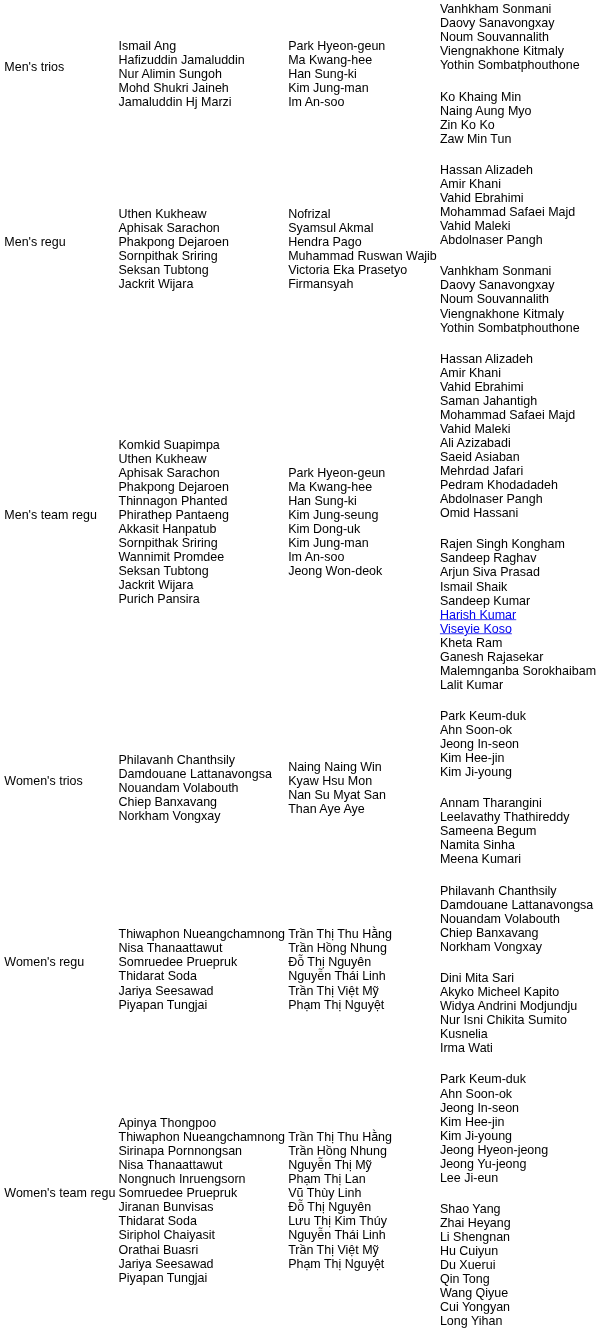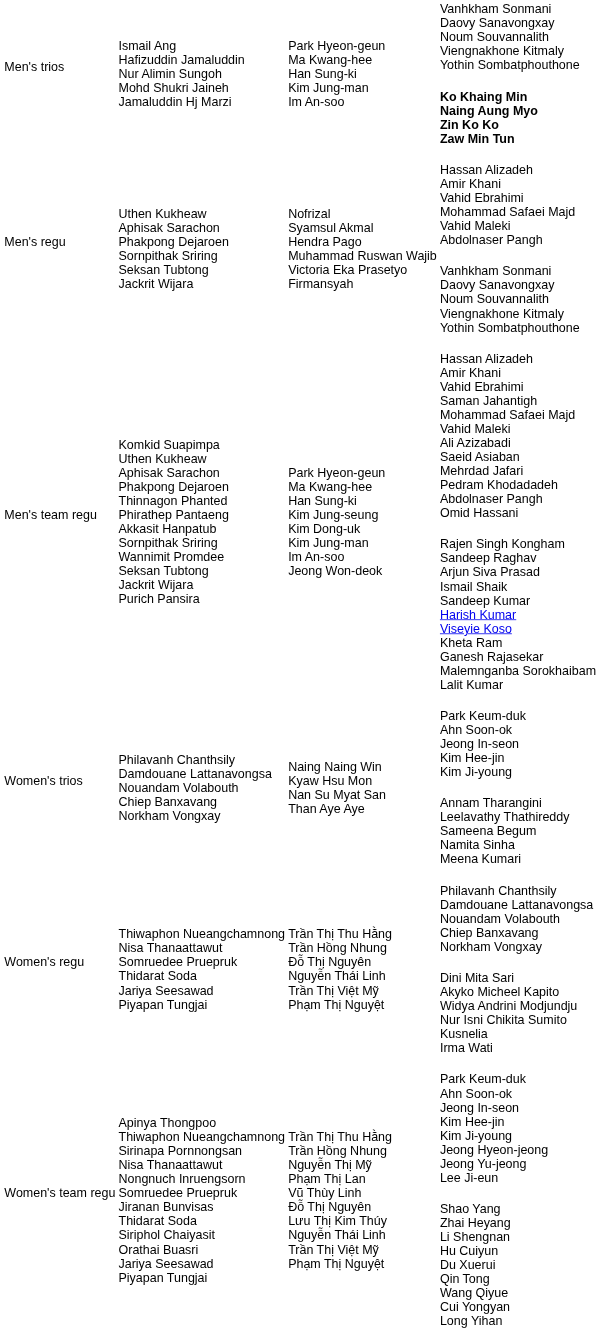 <table>
 <tr>
 <td rowspan=2>Men's trios</td>
 <td rowspan=2><br>Ismail Ang<br>Hafizuddin Jamaluddin<br>Nur Alimin Sungoh<br>Mohd Shukri Jaineh<br>Jamaluddin Hj Marzi</td>
 <td rowspan=2><br>Park Hyeon-geun<br>Ma Kwang-hee<br>Han Sung-ki<br>Kim Jung-man<br>Im An-soo</td>
 <td><br>Vanhkham Sonmani<br>Daovy Sanavongxay<br>Noum Souvannalith<br>Viengnakhone Kitmaly<br>Yothin Sombatphouthone</td>
 </tr>
 <tr>
-<td><br>Ko Khaing Min<br>Naing Aung Myo<br>Zin Ko Ko<br>Zaw Min Tun</td>
+<td><strong><br>Ko Khaing Min<br>Naing Aung Myo<br>Zin Ko Ko<br>Zaw Min Tun</strong></td>
 </tr>
 <tr>
 <td rowspan=2>Men's regu</td>
 <td rowspan=2><br>Uthen Kukheaw<br>Aphisak Sarachon<br>Phakpong Dejaroen<br>Sornpithak Sriring<br>Seksan Tubtong<br>Jackrit Wijara</td>
 <td rowspan=2><br>Nofrizal<br>Syamsul Akmal<br>Hendra Pago<br>Muhammad Ruswan Wajib<br>Victoria Eka Prasetyo<br>Firmansyah</td>
 <td><br>Hassan Alizadeh<br>Amir Khani<br>Vahid Ebrahimi<br>Mohammad Safaei Majd<br>Vahid Maleki<br>Abdolnaser Pangh</td>
 </tr>
 <tr>
 <td><br>Vanhkham Sonmani<br>Daovy Sanavongxay<br>Noum Souvannalith<br>Viengnakhone Kitmaly<br>Yothin Sombatphouthone</td>
 </tr>
 <tr>
 <td rowspan=2>Men's team regu</td>
 <td rowspan=2><br>Komkid Suapimpa<br>Uthen Kukheaw<br>Aphisak Sarachon<br>Phakpong Dejaroen<br>Thinnagon Phanted<br>Phirathep Pantaeng<br>Akkasit Hanpatub<br>Sornpithak Sriring<br>Wannimit Promdee<br>Seksan Tubtong<br>Jackrit Wijara<br>Purich Pansira</td>
 <td rowspan=2><br>Park Hyeon-geun<br>Ma Kwang-hee<br>Han Sung-ki<br>Kim Jung-seung<br>Kim Dong-uk<br>Kim Jung-man<br>Im An-soo<br>Jeong Won-deok</td>
 <td><br>Hassan Alizadeh<br>Amir Khani<br>Vahid Ebrahimi<br>Saman Jahantigh<br>Mohammad Safaei Majd<br>Vahid Maleki<br>Ali Azizabadi<br>Saeid Asiaban<br>Mehrdad Jafari<br>Pedram Khodadadeh<br>Abdolnaser Pangh<br>Omid Hassani</td>
 </tr>
 <tr>
 <td><br>Rajen Singh Kongham<br>Sandeep Raghav<br>Arjun Siva Prasad<br>Ismail Shaik<br>Sandeep Kumar<br><a href='#'>Harish Kumar</a><br><a href='#'>Viseyie Koso</a><br>Kheta Ram<br>Ganesh Rajasekar<br>Malemnganba Sorokhaibam<br>Lalit Kumar</td>
 </tr>
 <tr>
 <td rowspan=2>Women's trios</td>
 <td rowspan=2><br>Philavanh Chanthsily<br>Damdouane Lattanavongsa<br>Nouandam Volabouth<br>Chiep Banxavang<br>Norkham Vongxay</td>
 <td rowspan=2><br>Naing Naing Win<br>Kyaw Hsu Mon<br>Nan Su Myat San<br>Than Aye Aye</td>
 <td><br>Park Keum-duk<br>Ahn Soon-ok<br>Jeong In-seon<br>Kim Hee-jin<br>Kim Ji-young</td>
 </tr>
 <tr>
 <td><br>Annam Tharangini<br>Leelavathy Thathireddy<br>Sameena Begum<br>Namita Sinha<br>Meena Kumari</td>
 </tr>
 <tr>
 <td rowspan=2>Women's regu</td>
 <td rowspan=2><br>Thiwaphon Nueangchamnong<br>Nisa Thanaattawut<br>Somruedee Pruepruk<br>Thidarat Soda<br>Jariya Seesawad<br>Piyapan Tungjai</td>
 <td rowspan=2><br>Trần Thị Thu Hằng<br>Trần Hồng Nhung<br>Đỗ Thị Nguyên<br>Nguyễn Thái Linh<br>Trần Thị Việt Mỹ<br>Phạm Thị Nguyệt</td>
 <td><br>Philavanh Chanthsily<br>Damdouane Lattanavongsa<br>Nouandam Volabouth<br>Chiep Banxavang<br>Norkham Vongxay</td>
 </tr>
 <tr>
 <td><br>Dini Mita Sari<br>Akyko Micheel Kapito<br>Widya Andrini Modjundju<br>Nur Isni Chikita Sumito<br>Kusnelia<br>Irma Wati</td>
 </tr>
 <tr>
 <td rowspan=2>Women's team regu</td>
 <td rowspan=2><br>Apinya Thongpoo<br>Thiwaphon Nueangchamnong<br>Sirinapa Pornnongsan<br>Nisa Thanaattawut<br>Nongnuch Inruengsorn<br>Somruedee Pruepruk<br>Jiranan Bunvisas<br>Thidarat Soda<br>Siriphol Chaiyasit<br>Orathai Buasri<br>Jariya Seesawad<br>Piyapan Tungjai</td>
 <td rowspan=2><br>Trần Thị Thu Hằng<br>Trần Hồng Nhung<br>Nguyễn Thị Mỹ<br>Phạm Thị Lan<br>Vũ Thùy Linh<br>Đỗ Thị Nguyên<br>Lưu Thị Kim Thúy<br>Nguyễn Thái Linh<br>Trần Thị Việt Mỹ<br>Phạm Thị Nguyệt</td>
 <td><br>Park Keum-duk<br>Ahn Soon-ok<br>Jeong In-seon<br>Kim Hee-jin<br>Kim Ji-young<br>Jeong Hyeon-jeong<br>Jeong Yu-jeong<br>Lee Ji-eun</td>
 </tr>
 <tr>
 <td><br>Shao Yang<br>Zhai Heyang<br>Li Shengnan<br>Hu Cuiyun<br>Du Xuerui<br>Qin Tong<br>Wang Qiyue<br>Cui Yongyan<br>Long Yihan</td>
 </tr>
 </table>
